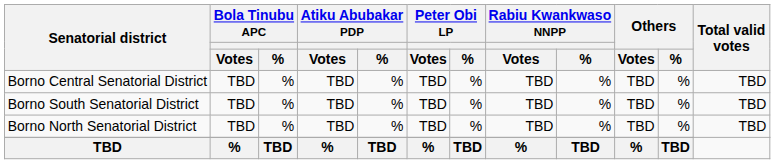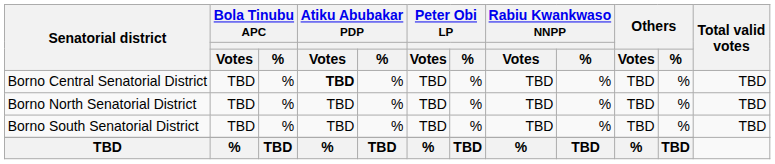 <table class="wikitable sortable" style="text-align:right; font-size:90%">
 <tr>
 <th rowspan="3" style="max-width:7.5em;">Senatorial district</th>
 <th colspan="2"><a href='#'>Bola Tinubu</a><br><small>APC</small></th>
 <th colspan="2"><a href='#'>Atiku Abubakar</a><br><small>PDP</small></th>
 <th colspan="2"><a href='#'>Peter Obi</a><br><small>LP</small></th>
 <th colspan="2"><a href='#'>Rabiu Kwankwaso</a><br><small>NNPP</small></th>
 <th colspan="2" rowspan="2">Others</th>
 <th rowspan="3" style="max-width:5em;">Total valid votes</th>
 </tr>
 <tr>
 <th colspan=2 style="background-color:"></th>
 <th colspan=2 style="background-color:"></th>
 <th colspan=2 style="background-color:"></th>
 <th colspan=2 style="background-color:"></th>
 </tr>
 <tr>
 <th>Votes</th>
 <th>%</th>
 <th>Votes</th>
 <th>%</th>
 <th>Votes</th>
 <th>%</th>
 <th>Votes</th>
 <th>%</th>
 <th>Votes</th>
 <th>%</th>
 </tr>
 <tr style="background-color:#">
 <td style="text-align:left;">Borno Central Senatorial District</td>
 <td>TBD</td>
 <td>%</td>
-<td>TBD</td>
+<td><strong>TBD</strong></td>
 <td>%</td>
 <td>TBD</td>
 <td>%</td>
 <td>TBD</td>
 <td>%</td>
 <td>TBD</td>
 <td>%</td>
 <td>TBD</td>
 </tr>
 <tr style="background-color:#">
-<td style="text-align:left;">Borno South Senatorial District</td>
+<td style="text-align:left;">Borno North Senatorial District</td>
 <td>TBD</td>
 <td>%</td>
 <td>TBD</td>
 <td>%</td>
 <td>TBD</td>
 <td>%</td>
 <td>TBD</td>
 <td>%</td>
 <td>TBD</td>
 <td>%</td>
 <td>TBD</td>
 </tr>
 <tr style="background-color:#">
-<td style="text-align:left;">Borno North Senatorial District</td>
+<td style="text-align:left;">Borno South Senatorial District</td>
 <td>TBD</td>
 <td>%</td>
 <td>TBD</td>
 <td>%</td>
 <td>TBD</td>
 <td>%</td>
 <td>TBD</td>
 <td>%</td>
 <td>TBD</td>
 <td>%</td>
 <td>TBD</td>
 </tr>
 <tr>
 </tr>
 <tr>
 <th>TBD</th>
 <th>%</th>
 <th>TBD</th>
 <th>%</th>
 <th>TBD</th>
 <th>%</th>
 <th>TBD</th>
 <th>%</th>
 <th>TBD</th>
 <th>%</th>
 <th>TBD</th>
 </tr>
 </table>
